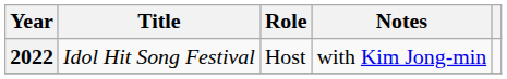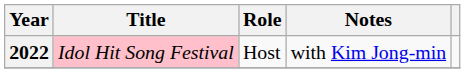 <table class="wikitable plainrowheaders">
 <tr>
 <th scope="col">Year</th>
 <th scope="col">Title</th>
 <th scope="col">Role</th>
 <th scope="col">Notes</th>
 <th scope="col" class="unsortable"></th>
 </tr>
 <tr>
 <th scope="row">2022</th>
-<td><em>Idol Hit Song Festival</em></td>
+<td style="background: pink;"><em>Idol Hit Song Festival</em></td>
 <td>Host</td>
 <td>with <a href='#'>Kim Jong-min</a></td>
 <td></td>
 </tr>
 <tr>
 </tr>
 </table>
